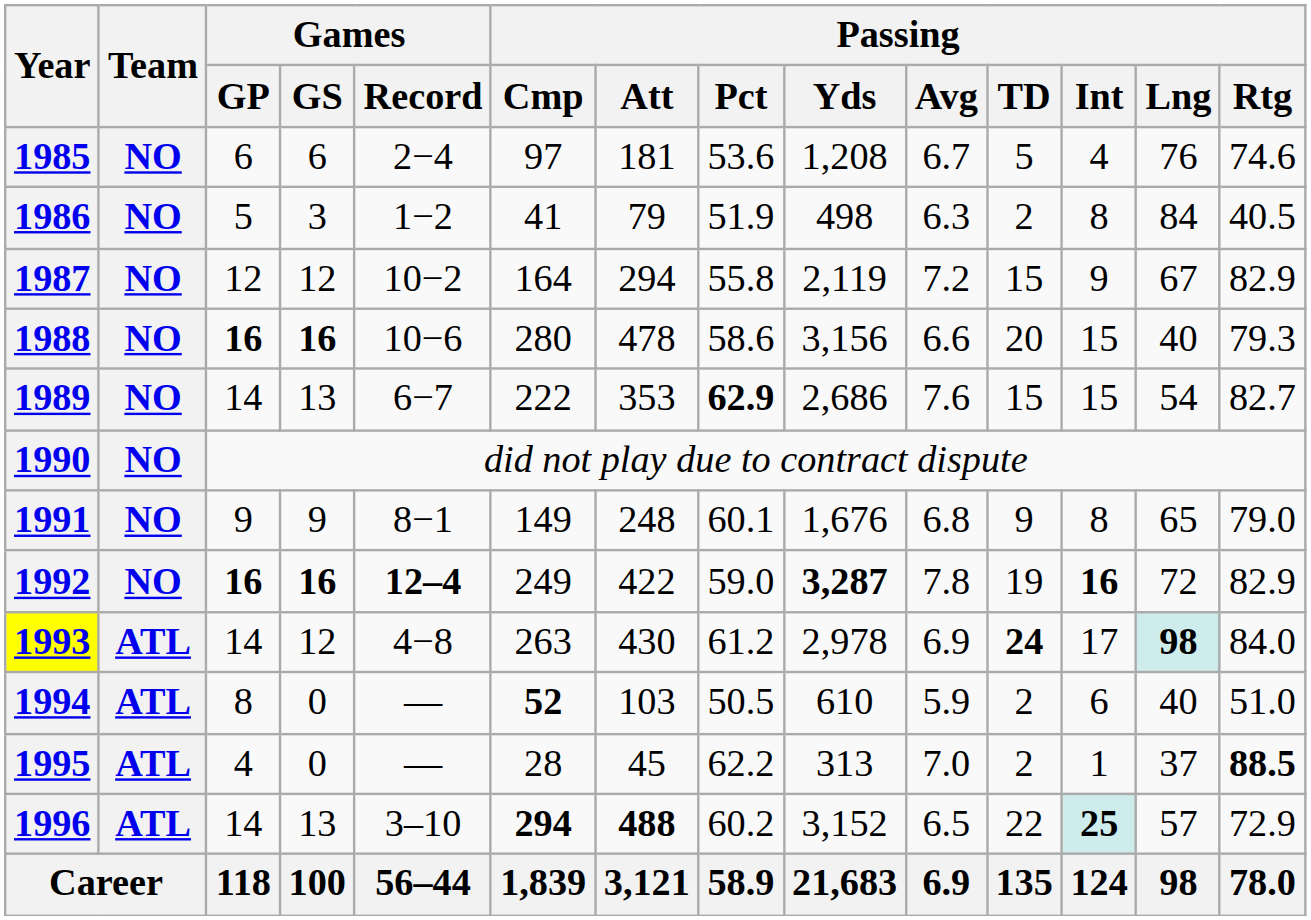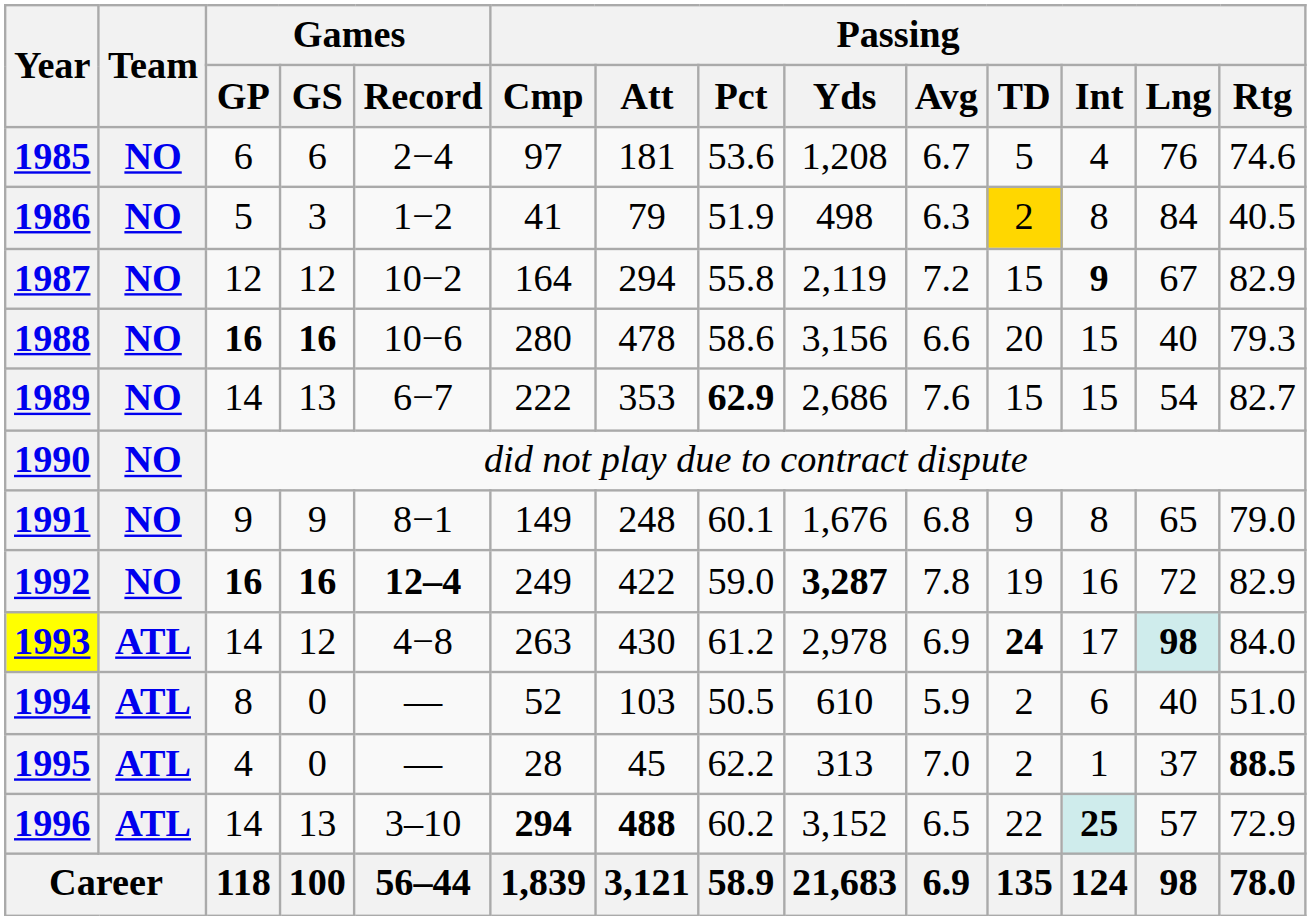 <table class="wikitable" style="text-align:center">
 <tr>
 <th rowspan="2">Year</th>
 <th rowspan="2">Team</th>
 <th colspan="3">Games</th>
 <th colspan="9">Passing</th>
 </tr>
 <tr>
 <th>GP</th>
 <th>GS</th>
 <th>Record</th>
 <th>Cmp</th>
 <th>Att</th>
 <th>Pct</th>
 <th>Yds</th>
 <th>Avg</th>
 <th>TD</th>
 <th>Int</th>
 <th>Lng</th>
 <th>Rtg</th>
 </tr>
 <tr>
 <th><a href='#'>1985</a></th>
 <th><a href='#'>NO</a></th>
 <td>6</td>
 <td>6</td>
 <td>2−4</td>
 <td>97</td>
 <td>181</td>
 <td>53.6</td>
 <td>1,208</td>
 <td>6.7</td>
 <td>5</td>
 <td>4</td>
 <td>76</td>
 <td>74.6</td>
 </tr>
 <tr>
 <th><a href='#'>1986</a></th>
 <th><a href='#'>NO</a></th>
 <td>5</td>
 <td>3</td>
 <td>1−2</td>
 <td>41</td>
 <td>79</td>
 <td>51.9</td>
 <td>498</td>
 <td>6.3</td>
-<td>2</td>
+<td style="background: gold;">2</td>
 <td>8</td>
 <td>84</td>
 <td>40.5</td>
 </tr>
 <tr>
 <th><a href='#'>1987</a></th>
 <th><a href='#'>NO</a></th>
 <td>12</td>
 <td>12</td>
 <td>10−2</td>
 <td>164</td>
 <td>294</td>
 <td>55.8</td>
 <td>2,119</td>
 <td>7.2</td>
 <td>15</td>
-<td>9</td>
+<td><strong>9</strong></td>
 <td>67</td>
 <td>82.9</td>
 </tr>
 <tr>
 <th><a href='#'>1988</a></th>
 <th><a href='#'>NO</a></th>
 <td><strong>16</strong></td>
 <td><strong>16</strong></td>
 <td>10−6</td>
 <td>280</td>
 <td>478</td>
 <td>58.6</td>
 <td>3,156</td>
 <td>6.6</td>
 <td>20</td>
 <td>15</td>
 <td>40</td>
 <td>79.3</td>
 </tr>
 <tr>
 <th><a href='#'>1989</a></th>
 <th><a href='#'>NO</a></th>
 <td>14</td>
 <td>13</td>
 <td>6−7</td>
 <td>222</td>
 <td>353</td>
 <td><strong>62.9</strong></td>
 <td>2,686</td>
 <td>7.6</td>
 <td>15</td>
 <td>15</td>
 <td>54</td>
 <td>82.7</td>
 </tr>
 <tr>
 <th><a href='#'>1990</a></th>
 <th><a href='#'>NO</a></th>
 <td colspan="16"><em>did not play due to contract dispute</em></td>
 </tr>
 <tr>
 <th><a href='#'>1991</a></th>
 <th><a href='#'>NO</a></th>
 <td>9</td>
 <td>9</td>
 <td>8−1</td>
 <td>149</td>
 <td>248</td>
 <td>60.1</td>
 <td>1,676</td>
 <td>6.8</td>
 <td>9</td>
 <td>8</td>
 <td>65</td>
 <td>79.0</td>
 </tr>
 <tr>
 <th><a href='#'>1992</a></th>
 <th><a href='#'>NO</a></th>
 <td><strong>16</strong></td>
 <td><strong>16</strong></td>
 <td><strong>12–4</strong></td>
 <td>249</td>
 <td>422</td>
 <td>59.0</td>
 <td><strong>3,287</strong></td>
 <td>7.8</td>
 <td>19</td>
-<td><strong>16</strong></td>
+<td>16</td>
 <td>72</td>
 <td>82.9</td>
 </tr>
 <tr>
 <th style="background:#ff0;"><a href='#'>1993</a></th>
 <th><a href='#'>ATL</a></th>
 <td>14</td>
 <td>12</td>
 <td>4−8</td>
 <td>263</td>
 <td>430</td>
 <td>61.2</td>
 <td>2,978</td>
 <td>6.9</td>
 <td><strong>24</strong></td>
 <td>17</td>
 <td style="background:#cfecec;"><strong>98</strong></td>
 <td>84.0</td>
 </tr>
 <tr>
 <th><a href='#'>1994</a></th>
 <th><a href='#'>ATL</a></th>
 <td>8</td>
 <td>0</td>
 <td>—</td>
-<td><strong>52</strong></td>
+<td>52</td>
 <td>103</td>
 <td>50.5</td>
 <td>610</td>
 <td>5.9</td>
 <td>2</td>
 <td>6</td>
 <td>40</td>
 <td>51.0</td>
 </tr>
 <tr>
 <th><a href='#'>1995</a></th>
 <th><a href='#'>ATL</a></th>
 <td>4</td>
 <td>0</td>
 <td>—</td>
 <td>28</td>
 <td>45</td>
 <td>62.2</td>
 <td>313</td>
 <td>7.0</td>
 <td>2</td>
 <td>1</td>
 <td>37</td>
 <td><strong>88.5</strong></td>
 </tr>
 <tr>
 <th><a href='#'>1996</a></th>
 <th><a href='#'>ATL</a></th>
 <td>14</td>
 <td>13</td>
 <td>3–10</td>
 <td><strong>294</strong></td>
 <td><strong>488</strong></td>
 <td>60.2</td>
 <td>3,152</td>
 <td>6.5</td>
 <td>22</td>
 <td style="background:#cfecec;"><strong>25</strong></td>
 <td>57</td>
 <td>72.9</td>
 </tr>
 <tr>
 <th colspan="2">Career</th>
 <th>118</th>
 <th>100</th>
 <th>56–44</th>
 <th>1,839</th>
 <th>3,121</th>
 <th>58.9</th>
 <th>21,683</th>
 <th>6.9</th>
 <th>135</th>
 <th>124</th>
 <th>98</th>
 <th>78.0</th>
 </tr>
 </table>
